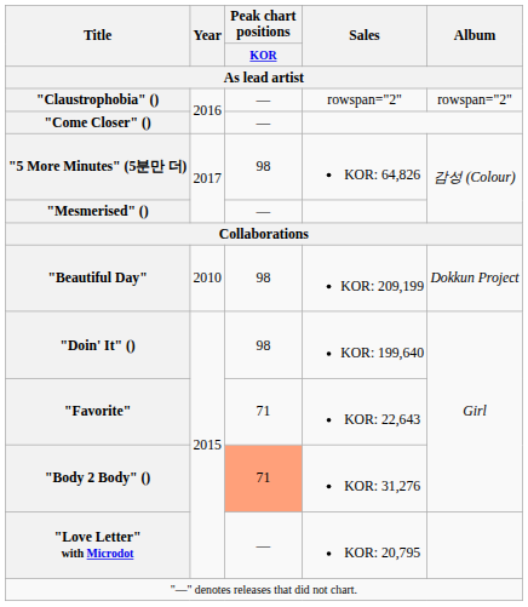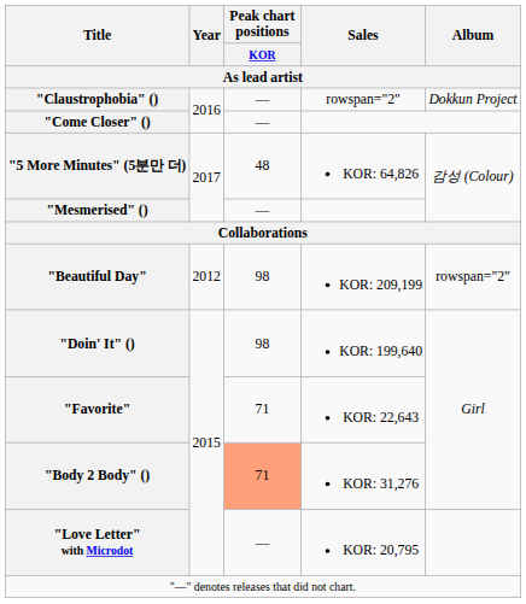 <table class="wikitable plainrowheaders" style="text-align:center;">
 <tr>
 <th scope="col" rowspan="2">Title</th>
 <th scope="col" rowspan="2">Year</th>
 <th scope="col" colspan="1" style="width:5em;">Peak chart positions</th>
 <th scope="col" rowspan="2">Sales</th>
 <th scope="col" rowspan="2">Album</th>
 </tr>
 <tr>
 <th><small><a href='#'>KOR</a></small><br></th>
 </tr>
 <tr>
 <th scope="col" colspan="5">As lead artist</th>
 </tr>
 <tr>
 <th scope="row">"Claustrophobia" ()<br></th>
 <td rowspan="2">2016</td>
 <td>—</td>
 <td>rowspan="2" </td>
-<td>rowspan="2" </td>
+<td><em>Dokkun Project</em></td>
 </tr>
 <tr>
 <th scope="row">"Come Closer" ()<br></th>
 <td>—</td>
 </tr>
 <tr>
 <th scope="row">"5 More Minutes" (5분만 더)<br></th>
 <td rowspan="2">2017</td>
-<td>98</td>
+<td>48</td>
 <td><br><ul><li>KOR: 64,826</li></ul></td>
 <td rowspan="2"><em>감성 (Colour)</em></td>
 </tr>
 <tr>
 <th scope="row">"Mesmerised" ()<br></th>
 <td>—</td>
 <td></td>
 </tr>
 <tr>
 <th scope="col" colspan="5">Collaborations</th>
 </tr>
 <tr>
 <th scope="row">"Beautiful Day"<br></th>
-<td>2010</td>
+<td>2012</td>
 <td>98</td>
 <td><br><ul><li>KOR: 209,199</li></ul></td>
-<td><em>Dokkun Project</em></td>
+<td>rowspan="2" </td>
 </tr>
 <tr>
 <th scope="row">"Doin' It" ()<br></th>
 <td rowspan="4">2015</td>
 <td>98</td>
 <td><br><ul><li>KOR: 199,640</li></ul></td>
 <td rowspan="3"><em>Girl</em></td>
 </tr>
 <tr>
 <th scope="row">"Favorite"<br></th>
 <td>71</td>
 <td><br><ul><li>KOR: 22,643</li></ul></td>
 </tr>
 <tr>
 <th scope="row">"Body 2 Body" ()<br></th>
 <td style="background: lightsalmon;">71</td>
 <td><br><ul><li>KOR: 31,276</li></ul></td>
 </tr>
 <tr>
 <th scope="row">"Love Letter"<br><small>with <a href='#'>Microdot</a></small></th>
 <td>—</td>
 <td><br><ul><li>KOR: 20,795</li></ul></td>
 <td></td>
 </tr>
 <tr>
 <td colspan="5" align="center"><small>"—" denotes releases that did not chart.</small></td>
 </tr>
 </table>
